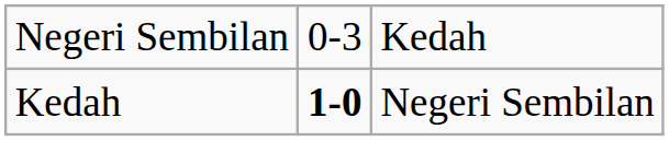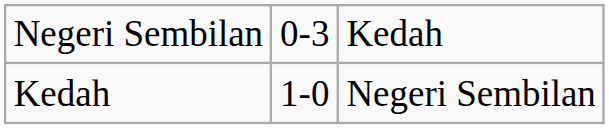 <table class="wikitable">
 <tr>
 <td>Negeri Sembilan</td>
 <td>0-3</td>
 <td>Kedah</td>
 </tr>
 <tr>
 <td>Kedah</td>
-<td><strong>1-0</strong></td>
+<td>1-0</td>
 <td>Negeri Sembilan</td>
 </tr>
 </table>
